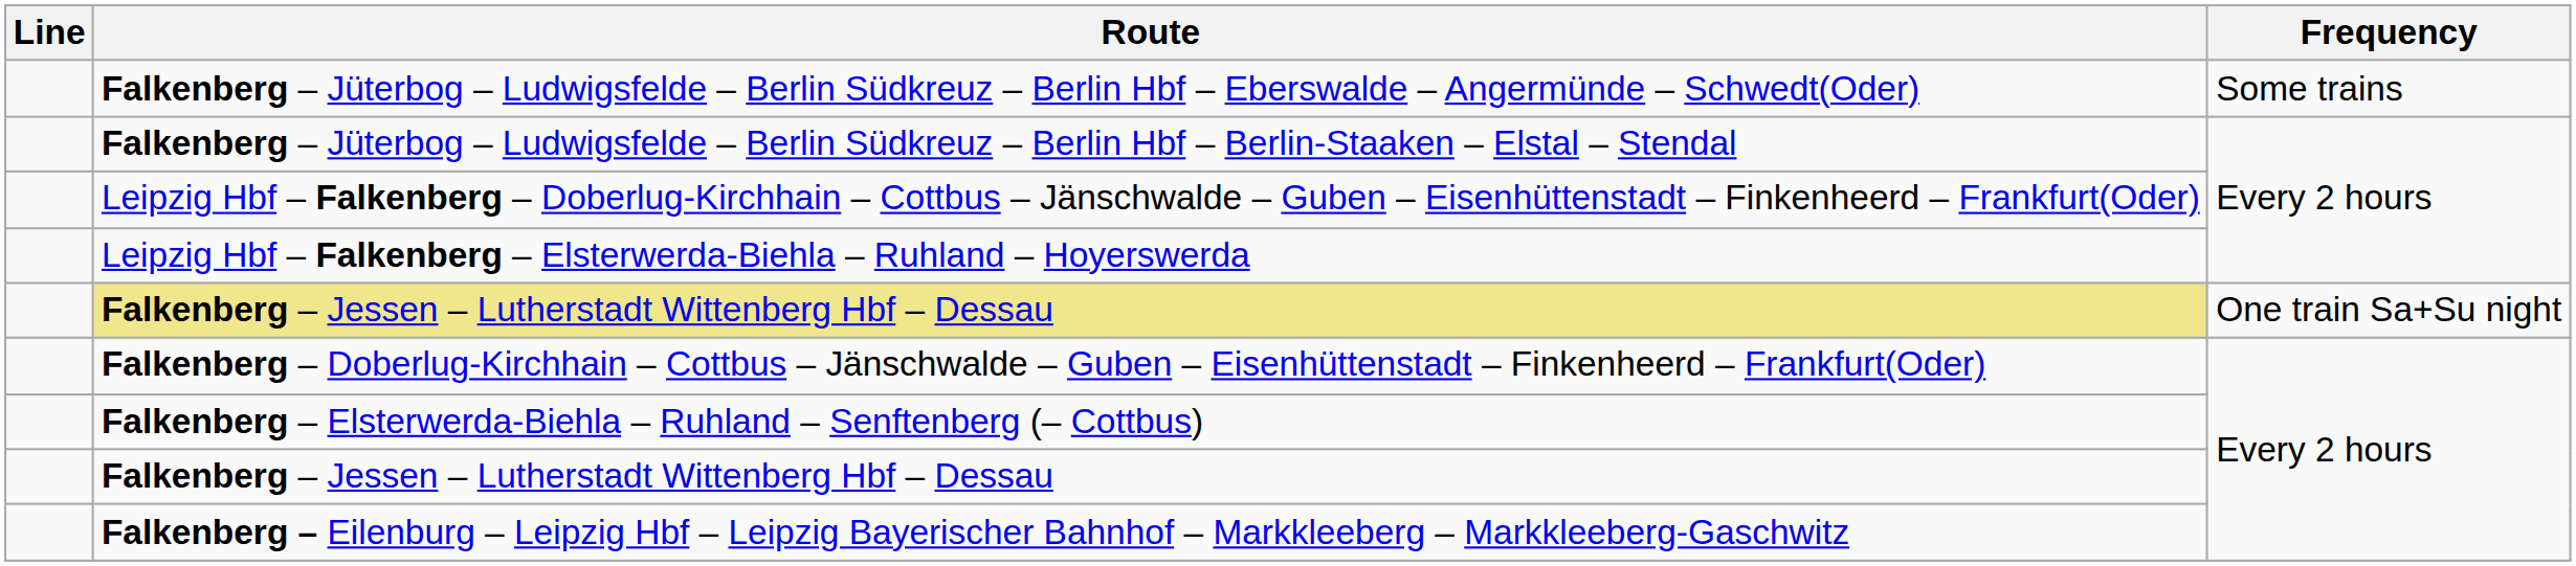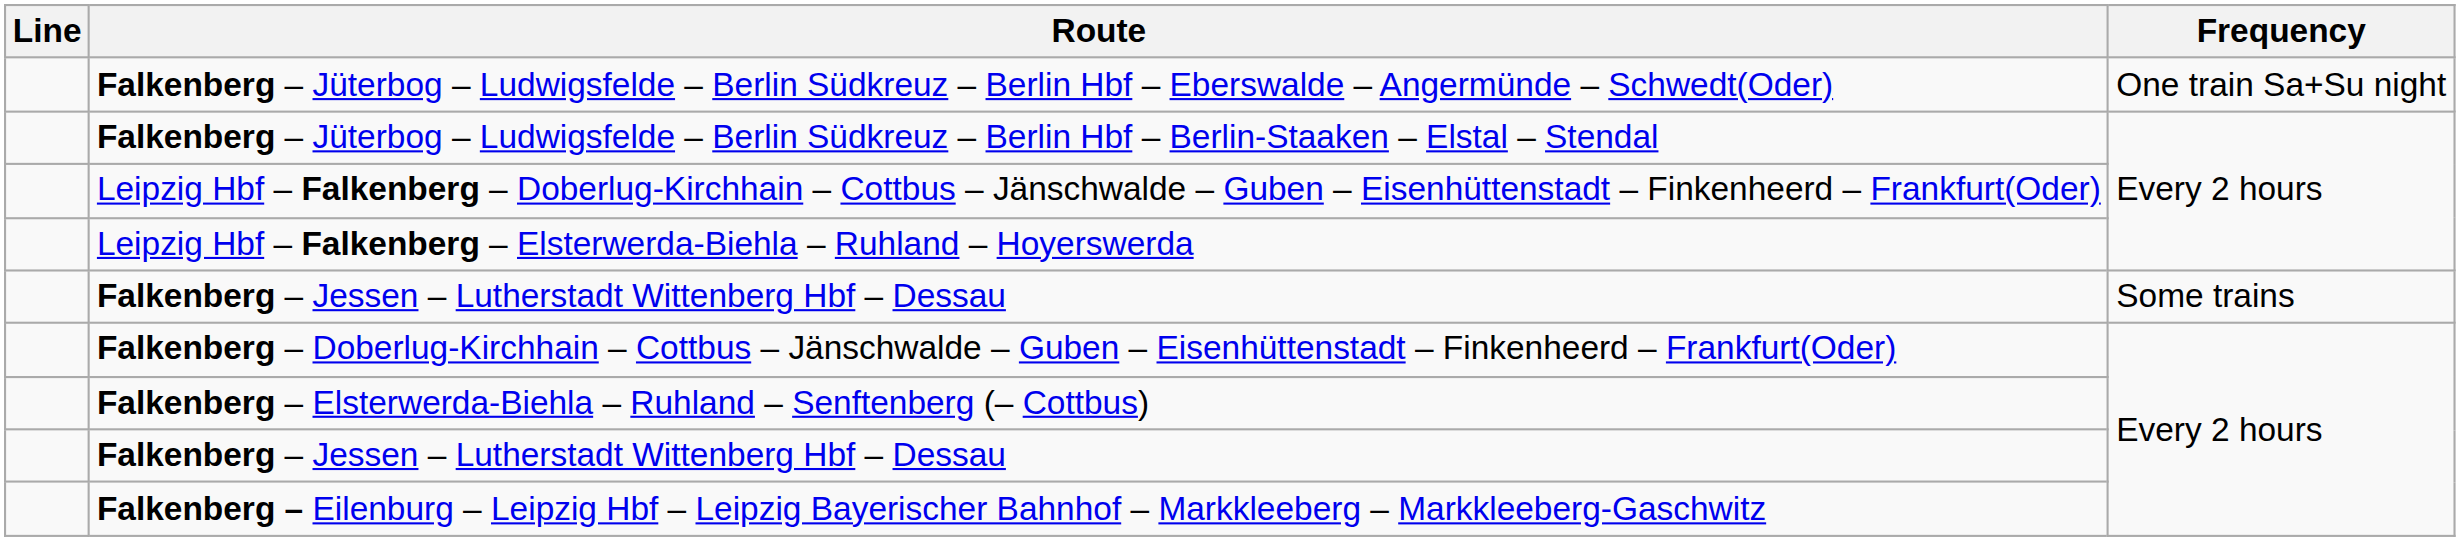 <table class="wikitable">
 <tr class="hintergrundfarbe6">
 <th>Line</th>
 <th>Route</th>
 <th>Frequency</th>
 </tr>
 <tr>
 <td align="center"></td>
 <td><strong>Falkenberg</strong> – <a href='#'>Jüterbog</a> – <a href='#'>Ludwigsfelde</a> – <a href='#'>Berlin Südkreuz</a> – <a href='#'>Berlin Hbf</a> – <a href='#'>Eberswalde</a> – <a href='#'>Angermünde</a> – <a href='#'>Schwedt(Oder)</a></td>
-<td>Some trains</td>
+<td>One train Sa+Su night</td>
 </tr>
 <tr>
 <td align="center"></td>
 <td><strong>Falkenberg</strong> – <a href='#'>Jüterbog</a> – <a href='#'>Ludwigsfelde</a> – <a href='#'>Berlin Südkreuz</a> – <a href='#'>Berlin Hbf</a> – <a href='#'>Berlin-Staaken</a> – <a href='#'>Elstal</a> – <a href='#'>Stendal</a></td>
 <td rowspan=3>Every 2 hours</td>
 </tr>
 <tr>
 <td align="center"></td>
 <td><a href='#'>Leipzig Hbf</a> – <strong>Falkenberg</strong> – <a href='#'>Doberlug-Kirchhain</a> – <a href='#'>Cottbus</a> – Jänschwalde – <a href='#'>Guben</a> – <a href='#'>Eisenhüttenstadt</a> – Finkenheerd – <a href='#'>Frankfurt(Oder)</a></td>
 </tr>
 <tr>
 <td align="center"></td>
 <td><a href='#'>Leipzig Hbf</a> – <strong>Falkenberg</strong> – <a href='#'>Elsterwerda-Biehla</a>  – <a href='#'>Ruhland</a> – <a href='#'>Hoyerswerda</a></td>
 </tr>
 <tr>
 <td align="center"></td>
-<td style="background: khaki;"><strong>Falkenberg</strong> – <a href='#'>Jessen</a> – <a href='#'>Lutherstadt Wittenberg Hbf</a> – <a href='#'>Dessau</a></td>
-<td>One train Sa+Su night</td>
+<td><strong>Falkenberg</strong> – <a href='#'>Jessen</a> – <a href='#'>Lutherstadt Wittenberg Hbf</a> – <a href='#'>Dessau</a></td>
+<td>Some trains</td>
 </tr>
 <tr>
 <td align="center"></td>
 <td><strong>Falkenberg</strong> – <a href='#'>Doberlug-Kirchhain</a> – <a href='#'>Cottbus</a> – Jänschwalde – <a href='#'>Guben</a> – <a href='#'>Eisenhüttenstadt</a> – Finkenheerd – <a href='#'>Frankfurt(Oder)</a></td>
 <td rowspan=4>Every 2 hours</td>
 </tr>
 <tr>
 <td align="center"></td>
 <td><strong>Falkenberg</strong> – <a href='#'>Elsterwerda-Biehla</a>  – <a href='#'>Ruhland</a> – <a href='#'>Senftenberg</a> (– <a href='#'>Cottbus</a>)</td>
 </tr>
 <tr>
 <td align="center"></td>
 <td><strong>Falkenberg</strong> – <a href='#'>Jessen</a> – <a href='#'>Lutherstadt Wittenberg Hbf</a> – <a href='#'>Dessau</a></td>
 </tr>
 <tr>
 <td></td>
 <td><strong>Falkenberg –</strong> <a href='#'>Eilenburg</a> – <a href='#'>Leipzig Hbf</a> – <a href='#'>Leipzig Bayerischer Bahnhof</a> – <a href='#'>Markkleeberg</a> – <a href='#'>Markkleeberg-Gaschwitz</a></td>
 </tr>
 </table>
